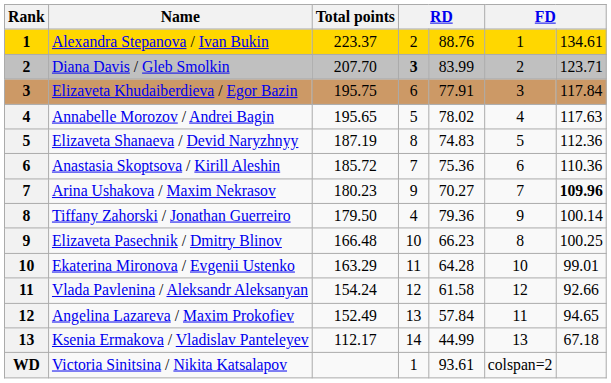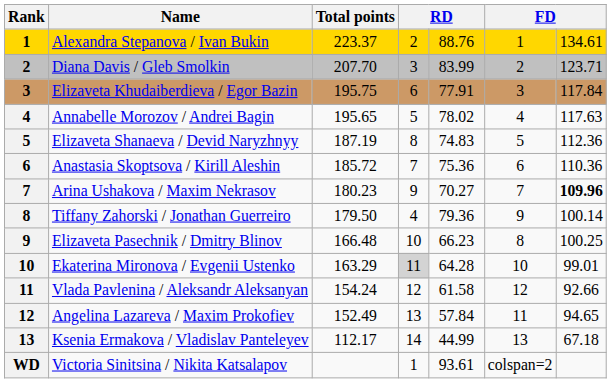 <table class="wikitable sortable">
 <tr>
 <th>Rank</th>
 <th>Name</th>
 <th>Total points</th>
 <th colspan="2" width="80px"><a href='#'>RD</a></th>
 <th colspan="2" width="80px"><a href='#'>FD</a></th>
 </tr>
 <tr bgcolor="gold">
 <td align="center"><strong>1</strong></td>
 <td><a href='#'>Alexandra Stepanova</a> / <a href='#'>Ivan Bukin</a></td>
 <td align="center">223.37</td>
 <td align="center">2</td>
 <td align="center">88.76</td>
 <td align="center">1</td>
 <td align="center">134.61</td>
 </tr>
 <tr bgcolor="silver">
 <td align="center"><strong>2</strong></td>
 <td><a href='#'>Diana Davis</a> / <a href='#'>Gleb Smolkin</a></td>
 <td align="center">207.70</td>
-<td align="center"><strong>3</strong></td>
+<td align="center">3</td>
 <td align="center">83.99</td>
 <td align="center">2</td>
 <td align="center">123.71</td>
 </tr>
 <tr bgcolor="cc9966">
 <td align="center"><strong>3</strong></td>
 <td><a href='#'>Elizaveta Khudaiberdieva</a> / <a href='#'>Egor Bazin</a></td>
 <td align="center">195.75</td>
 <td align="center">6</td>
 <td align="center">77.91</td>
 <td align="center">3</td>
 <td align="center">117.84</td>
 </tr>
 <tr>
 <th>4</th>
 <td><a href='#'>Annabelle Morozov</a> / <a href='#'>Andrei Bagin</a></td>
 <td align="center">195.65</td>
 <td align="center">5</td>
 <td align="center">78.02</td>
 <td align="center">4</td>
 <td align="center">117.63</td>
 </tr>
 <tr>
 <th>5</th>
 <td><a href='#'>Elizaveta Shanaeva</a> / <a href='#'>Devid Naryzhnyy</a></td>
 <td align="center">187.19</td>
 <td align="center">8</td>
 <td align="center">74.83</td>
 <td align="center">5</td>
 <td align="center">112.36</td>
 </tr>
 <tr>
 <th>6</th>
 <td><a href='#'>Anastasia Skoptsova</a> / <a href='#'>Kirill Aleshin</a></td>
 <td align="center">185.72</td>
 <td align="center">7</td>
 <td align="center">75.36</td>
 <td align="center">6</td>
 <td align="center">110.36</td>
 </tr>
 <tr>
 <th>7</th>
 <td><a href='#'>Arina Ushakova</a> / <a href='#'>Maxim Nekrasov</a></td>
 <td align="center">180.23</td>
 <td align="center">9</td>
 <td align="center">70.27</td>
 <td align="center">7</td>
 <td align="center"><strong>109.96</strong></td>
 </tr>
 <tr>
 <th>8</th>
 <td><a href='#'>Tiffany Zahorski</a> / <a href='#'>Jonathan Guerreiro</a></td>
 <td align="center">179.50</td>
 <td align="center">4</td>
 <td align="center">79.36</td>
 <td align="center">9</td>
 <td align="center">100.14</td>
 </tr>
 <tr>
 <th>9</th>
 <td><a href='#'>Elizaveta Pasechnik</a> / <a href='#'>Dmitry Blinov</a></td>
 <td align="center">166.48</td>
 <td align="center">10</td>
 <td align="center">66.23</td>
 <td align="center">8</td>
 <td align="center">100.25</td>
 </tr>
 <tr>
 <th>10</th>
 <td><a href='#'>Ekaterina Mironova</a> / <a href='#'>Evgenii Ustenko</a></td>
 <td align="center">163.29</td>
-<td align="center">11</td>
+<td align="center" style="background: lightgrey;">11</td>
 <td align="center">64.28</td>
 <td align="center">10</td>
 <td align="center">99.01</td>
 </tr>
 <tr>
 <th>11</th>
 <td><a href='#'>Vlada Pavlenina</a> / <a href='#'>Aleksandr Aleksanyan</a></td>
 <td align="center">154.24</td>
 <td align="center">12</td>
 <td align="center">61.58</td>
 <td align="center">12</td>
 <td align="center">92.66</td>
 </tr>
 <tr>
 <th>12</th>
 <td><a href='#'>Angelina Lazareva</a> / <a href='#'>Maxim Prokofiev</a></td>
 <td align="center">152.49</td>
 <td align="center">13</td>
 <td align="center">57.84</td>
 <td align="center">11</td>
 <td align="center">94.65</td>
 </tr>
 <tr>
 <th>13</th>
 <td><a href='#'>Ksenia Ermakova</a> / <a href='#'>Vladislav Panteleyev</a></td>
 <td align="center">112.17</td>
 <td align="center">14</td>
 <td align="center">44.99</td>
 <td align="center">13</td>
 <td align="center">67.18</td>
 </tr>
 <tr>
 <th>WD</th>
 <td><a href='#'>Victoria Sinitsina</a> / <a href='#'>Nikita Katsalapov</a></td>
 <td></td>
 <td align="center">1</td>
 <td align="center">93.61</td>
 <td>colspan=2 </td>
 </tr>
 </table>
